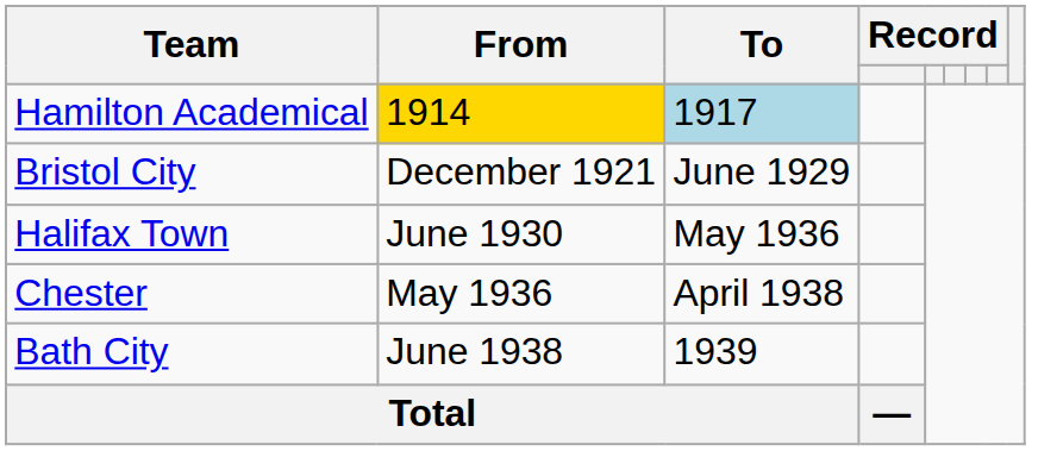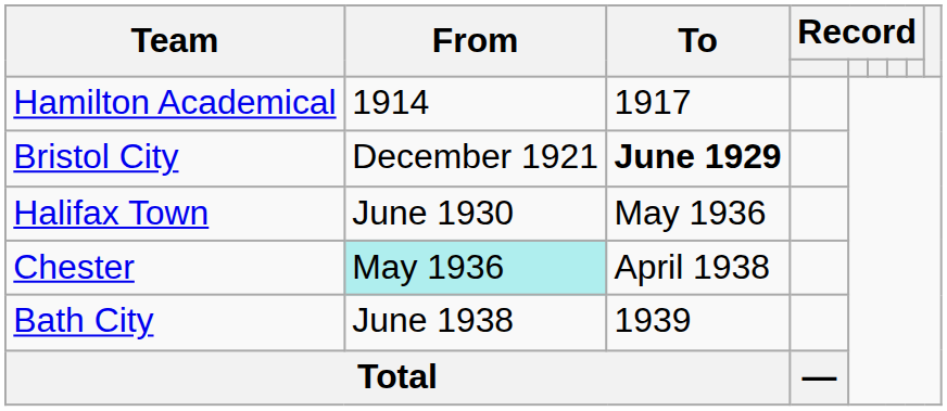 <table class=wikitable style="text-align: center">
 <tr>
 <th rowspan="2">Team</th>
 <th rowspan="2">From</th>
 <th rowspan="2">To</th>
 <th colspan="5">Record</th>
 <th rowspan="2"></th>
 </tr>
 <tr>
 <th></th>
 <th></th>
 <th></th>
 <th></th>
 <th></th>
 </tr>
 <tr>
 <td align=left><a href='#'>Hamilton Academical</a></td>
-<td align=left style="background: gold;">1914</td>
-<td align=left style="background: lightblue;">1917<br></td>
+<td align=left>1914</td>
+<td align=left>1917<br></td>
 <td></td>
 </tr>
 <tr>
 <td align=left><a href='#'>Bristol City</a></td>
 <td align=left>December 1921</td>
-<td align=left>June 1929<br></td>
+<td align=left><strong>June 1929<br></strong></td>
 <td></td>
 </tr>
 <tr>
 <td align=left><a href='#'>Halifax Town</a></td>
 <td align=left>June 1930</td>
 <td align=left>May 1936<br></td>
 <td></td>
 </tr>
 <tr>
 <td align=left><a href='#'>Chester</a></td>
-<td align=left>May 1936</td>
+<td align=left style="background: paleturquoise;">May 1936</td>
 <td align=left>April 1938<br></td>
 <td></td>
 </tr>
 <tr>
 <td align=left><a href='#'>Bath City</a></td>
 <td align=left>June 1938</td>
 <td align=left>1939<br></td>
 <td></td>
 </tr>
 <tr>
 <th colspan="3">Total<br></th>
 <th>—</th>
 </tr>
 </table>
